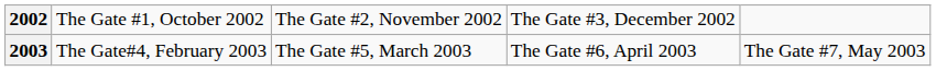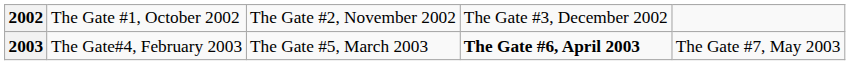 <table class="wikitable">
 <tr>
 <th>2002</th>
 <td>The Gate #1, October 2002</td>
 <td>The Gate #2, November 2002</td>
 <td>The Gate #3, December 2002</td>
 <td></td>
 </tr>
 <tr>
 <th>2003</th>
 <td>The Gate#4, February 2003</td>
 <td>The Gate #5, March 2003</td>
-<td>The Gate #6, April 2003</td>
+<td><strong>The Gate #6, April 2003</strong></td>
 <td>The Gate #7,  May 2003</td>
 </tr>
 </table>
